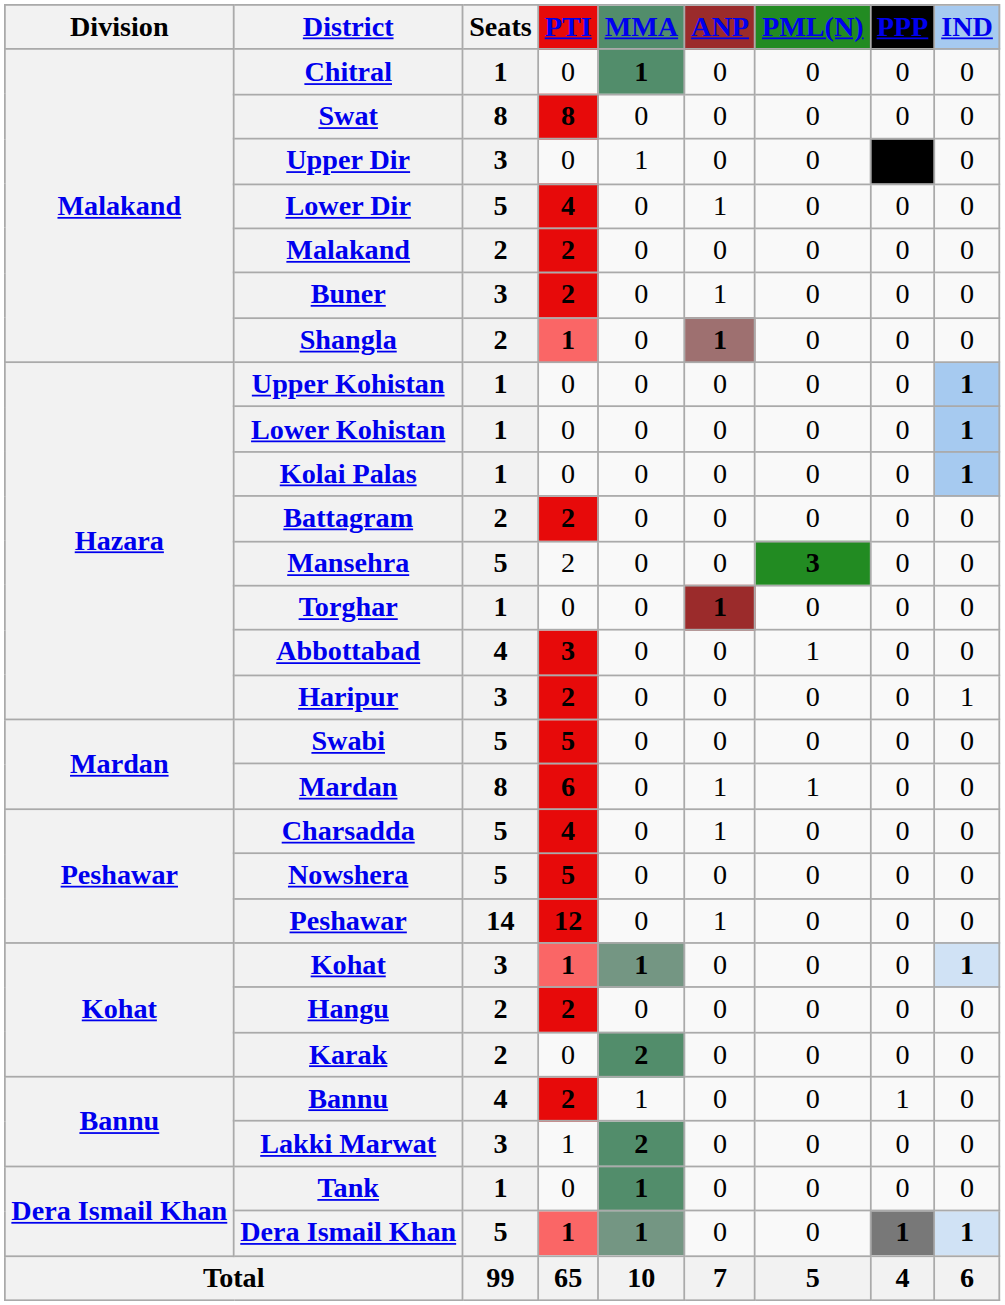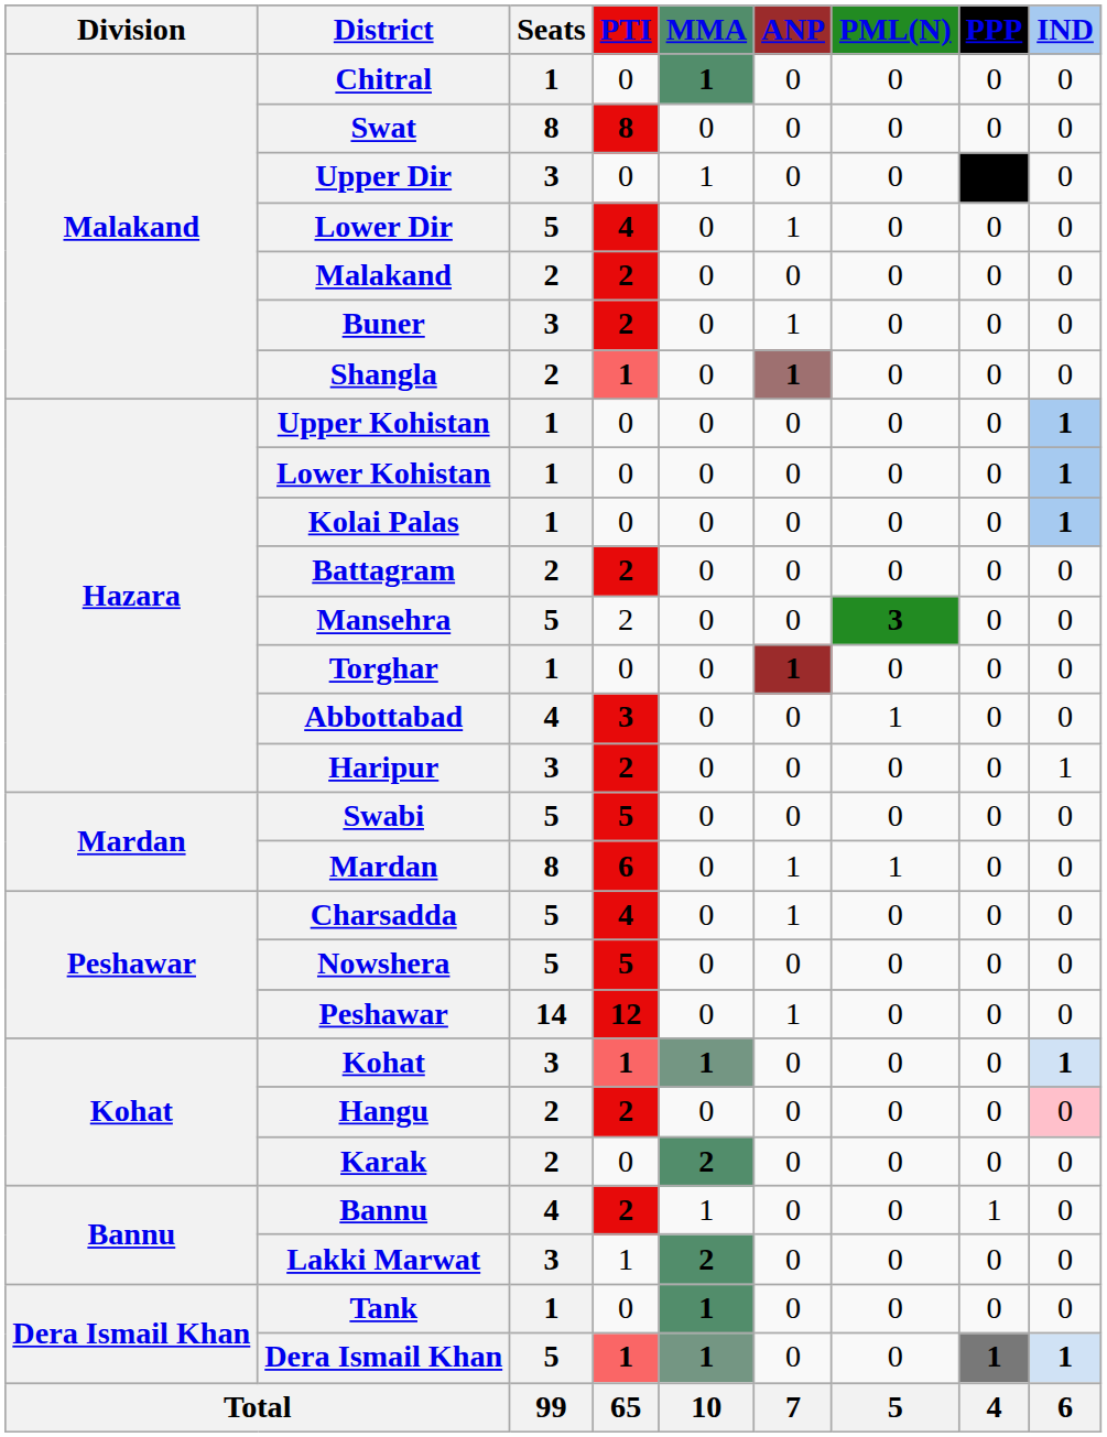 <table class="wikitable sortable" style="text-align:center;">
 <tr bgcolor="#cccccc">
 <th>Division</th>
 <th><a href='#'>District</a></th>
 <th>Seats</th>
 <th style="background:#E70A0A;"><a href='#'><span><strong>PTI</strong></span></a></th>
 <th style="background:#528d6b;"><a href='#'><span><strong>MMA</strong></span></a></th>
 <th style="background:#9b2b2b;"><a href='#'><span><strong>ANP</strong></span></a></th>
 <th style="background:#228b22;"><a href='#'><span><strong>PML(N)</strong></span></a></th>
 <th style="background:#000000;"><a href='#'><span><strong>PPP</strong></span></a></th>
 <th style="background:#a6caf0;"><a href='#'><span><strong>IND</strong></span></a></th>
 </tr>
 <tr>
 <th rowspan="7"><a href='#'>Malakand</a></th>
 <th><a href='#'>Chitral</a></th>
 <th>1</th>
 <td>0</td>
 <td bgcolor="#528d6b"><span><strong>1</strong></span></td>
 <td>0</td>
 <td>0</td>
 <td>0</td>
 <td>0</td>
 </tr>
 <tr>
 <th><a href='#'>Swat</a></th>
 <th>8</th>
 <td bgcolor="#E70A0A"><span><strong>8</strong></span></td>
 <td>0</td>
 <td>0</td>
 <td>0</td>
 <td>0</td>
 <td>0</td>
 </tr>
 <tr>
 <th><a href='#'>Upper Dir</a></th>
 <th>3</th>
 <td>0</td>
 <td>1</td>
 <td>0</td>
 <td>0</td>
 <td bgcolor="#000000"><span><strong>2</strong></span></td>
 <td>0</td>
 </tr>
 <tr>
 <th><a href='#'>Lower Dir</a></th>
 <th>5</th>
 <td bgcolor="#E70A0A"><span><strong>4</strong></span></td>
 <td>0</td>
 <td>1</td>
 <td>0</td>
 <td>0</td>
 <td>0</td>
 </tr>
 <tr>
 <th><a href='#'>Malakand</a></th>
 <th>2</th>
 <td bgcolor="#E70A0A"><span><strong>2</strong></span></td>
 <td>0</td>
 <td>0</td>
 <td>0</td>
 <td>0</td>
 <td>0</td>
 </tr>
 <tr>
 <th><a href='#'>Buner</a></th>
 <th>3</th>
 <td bgcolor="#E70A0A"><span><strong>2</strong></span></td>
 <td>0</td>
 <td>1</td>
 <td>0</td>
 <td>0</td>
 <td>0</td>
 </tr>
 <tr>
 <th><a href='#'>Shangla</a></th>
 <th>2</th>
 <td bgcolor="#fa6666"><span><strong>1</strong></span></td>
 <td>0</td>
 <td bgcolor="#9e7070"><span><strong>1</strong></span></td>
 <td>0</td>
 <td>0</td>
 <td>0</td>
 </tr>
 <tr>
 <th rowspan="8"><a href='#'>Hazara</a></th>
 <th><a href='#'>Upper Kohistan</a></th>
 <th>1</th>
 <td>0</td>
 <td>0</td>
 <td>0</td>
 <td>0</td>
 <td>0</td>
 <td bgcolor="#a6caf0"><span><strong>1</strong></span></td>
 </tr>
 <tr>
 <th><a href='#'>Lower Kohistan</a></th>
 <th>1</th>
 <td>0</td>
 <td>0</td>
 <td>0</td>
 <td>0</td>
 <td>0</td>
 <td bgcolor="#a6caf0"><span><strong>1</strong></span></td>
 </tr>
 <tr>
 <th><a href='#'>Kolai Palas</a></th>
 <th>1</th>
 <td>0</td>
 <td>0</td>
 <td>0</td>
 <td>0</td>
 <td>0</td>
 <td bgcolor="#a6caf0"><span><strong>1</strong></span></td>
 </tr>
 <tr>
 <th><a href='#'>Battagram</a></th>
 <th>2</th>
 <td bgcolor="#E70A0A"><span><strong>2</strong></span></td>
 <td>0</td>
 <td>0</td>
 <td>0</td>
 <td>0</td>
 <td>0</td>
 </tr>
 <tr>
 <th><a href='#'>Mansehra</a></th>
 <th>5</th>
 <td>2</td>
 <td>0</td>
 <td>0</td>
 <td bgcolor="#228b22"><span><strong>3</strong></span></td>
 <td>0</td>
 <td>0</td>
 </tr>
 <tr>
 <th><a href='#'>Torghar</a></th>
 <th>1</th>
 <td>0</td>
 <td>0</td>
 <td bgcolor="#9b2b2b"><span><strong>1</strong></span></td>
 <td>0</td>
 <td>0</td>
 <td>0</td>
 </tr>
 <tr>
 <th><a href='#'>Abbottabad</a></th>
 <th bgcolor="#E70A0A">4</th>
 <td bgcolor="#E70A0A"><span><strong>3</strong></span></td>
 <td>0</td>
 <td>0</td>
 <td>1</td>
 <td>0</td>
 <td>0</td>
 </tr>
 <tr>
 <th><a href='#'>Haripur</a></th>
 <th bgcolor="#E70A0A">3</th>
 <td bgcolor="#E70A0A"><span><strong>2</strong></span></td>
 <td>0</td>
 <td>0</td>
 <td>0</td>
 <td>0</td>
 <td>1</td>
 </tr>
 <tr>
 <th rowspan="2"><a href='#'>Mardan</a></th>
 <th><a href='#'>Swabi</a></th>
 <th>5</th>
 <td bgcolor="#E70A0A"><span><strong>5</strong></span></td>
 <td>0</td>
 <td>0</td>
 <td>0</td>
 <td>0</td>
 <td>0</td>
 </tr>
 <tr>
 <th><a href='#'>Mardan</a></th>
 <th>8</th>
 <td bgcolor="#E70A0A"><span><strong>6</strong></span></td>
 <td>0</td>
 <td>1</td>
 <td>1</td>
 <td>0</td>
 <td>0</td>
 </tr>
 <tr>
 <th rowspan="3"><a href='#'>Peshawar</a></th>
 <th><a href='#'>Charsadda</a></th>
 <th>5</th>
 <td bgcolor="#E70A0A"><span><strong>4</strong></span></td>
 <td>0</td>
 <td>1</td>
 <td>0</td>
 <td>0</td>
 <td>0</td>
 </tr>
 <tr>
 <th><a href='#'>Nowshera</a></th>
 <th>5</th>
 <td bgcolor="#E70A0A"><span><strong>5</strong></span></td>
 <td>0</td>
 <td>0</td>
 <td>0</td>
 <td>0</td>
 <td>0</td>
 </tr>
 <tr>
 <th><a href='#'>Peshawar</a></th>
 <th>14</th>
 <td bgcolor="#E70A0A"><span><strong>12</strong></span></td>
 <td>0</td>
 <td>1</td>
 <td>0</td>
 <td>0</td>
 <td>0</td>
 </tr>
 <tr>
 <th rowspan="3"><a href='#'>Kohat</a></th>
 <th><a href='#'>Kohat</a></th>
 <th>3</th>
 <td bgcolor="#fa6666"><span><strong>1</strong></span></td>
 <td bgcolor="#749683"><span><strong>1</strong></span></td>
 <td 0>0</td>
 <td>0</td>
 <td>0</td>
 <td bgcolor="#d0e2f5"><span><strong>1</strong></span></td>
 </tr>
 <tr>
 <th><a href='#'>Hangu</a></th>
 <th>2</th>
 <td bgcolor="#E70A0A"><span><strong>2</strong></span></td>
 <td>0</td>
 <td>0</td>
 <td>0</td>
 <td>0</td>
-<td>0</td>
+<td style="background: pink;">0</td>
 </tr>
 <tr>
 <th><a href='#'>Karak</a></th>
 <th>2</th>
 <td>0</td>
 <td bgcolor="#528d6b"><span><strong>2</strong></span></td>
 <td>0</td>
 <td>0</td>
 <td>0</td>
 <td>0</td>
 </tr>
 <tr>
 <th rowspan="2"><a href='#'>Bannu</a></th>
 <th><a href='#'>Bannu</a></th>
 <th>4</th>
 <td bgcolor="#E70A0A"><span><strong>2</strong></span></td>
 <td>1</td>
 <td>0</td>
 <td>0</td>
 <td>1</td>
 <td>0</td>
 </tr>
 <tr>
 <th><a href='#'>Lakki Marwat</a></th>
 <th>3</th>
 <td>1</td>
 <td bgcolor="#528d6b"><span><strong>2</strong></span></td>
 <td>0</td>
 <td>0</td>
 <td>0</td>
 <td>0</td>
 </tr>
 <tr>
 <th rowspan="2"><a href='#'>Dera Ismail Khan</a></th>
 <th><a href='#'>Tank</a></th>
 <th>1</th>
 <td>0</td>
 <td bgcolor="#528d6b"><span><strong>1</strong></span></td>
 <td>0</td>
 <td>0</td>
 <td>0</td>
 <td>0</td>
 </tr>
 <tr>
 <th><a href='#'>Dera Ismail Khan</a></th>
 <th>5</th>
 <td bgcolor="#fa6666"><span><strong>1</strong></span></td>
 <td bgcolor="#749683"><span><strong>1</strong></span></td>
 <td>0</td>
 <td>0</td>
 <td bgcolor="#787878"><span><strong>1</strong></span></td>
 <td bgcolor="#d0e2f5"><span><strong>1</strong></span></td>
 </tr>
 <tr>
 <th colspan="2">Total</th>
 <th>99</th>
 <th>65</th>
 <th>10</th>
 <th>7</th>
 <th>5</th>
 <th>4</th>
 <th>6</th>
 </tr>
 </table>
